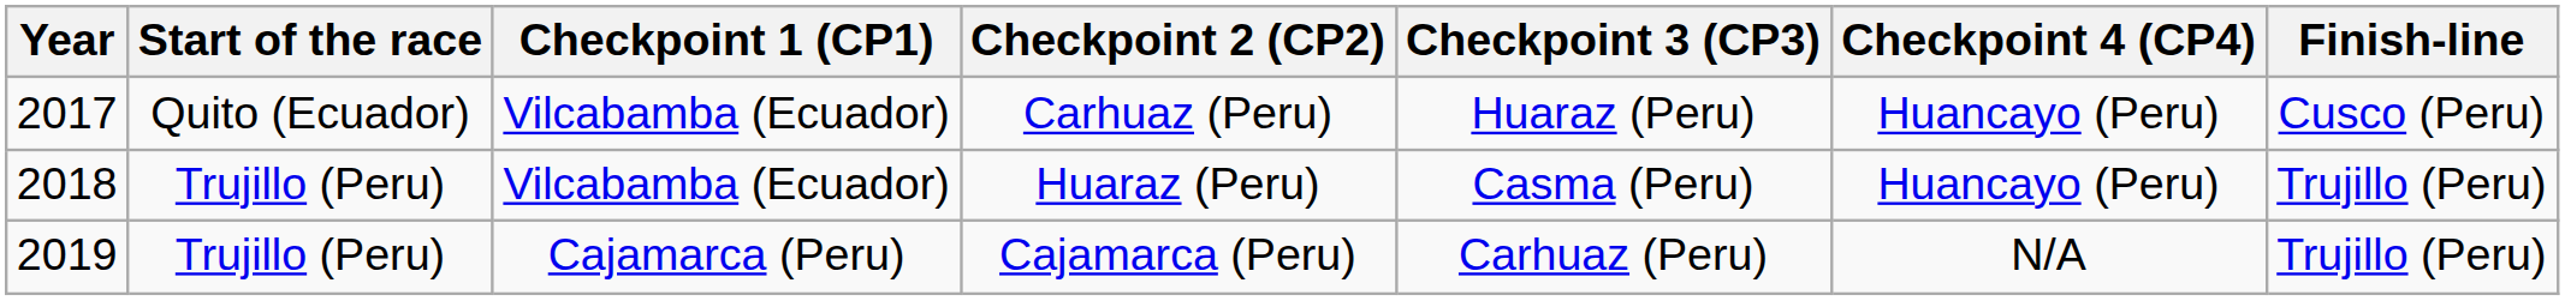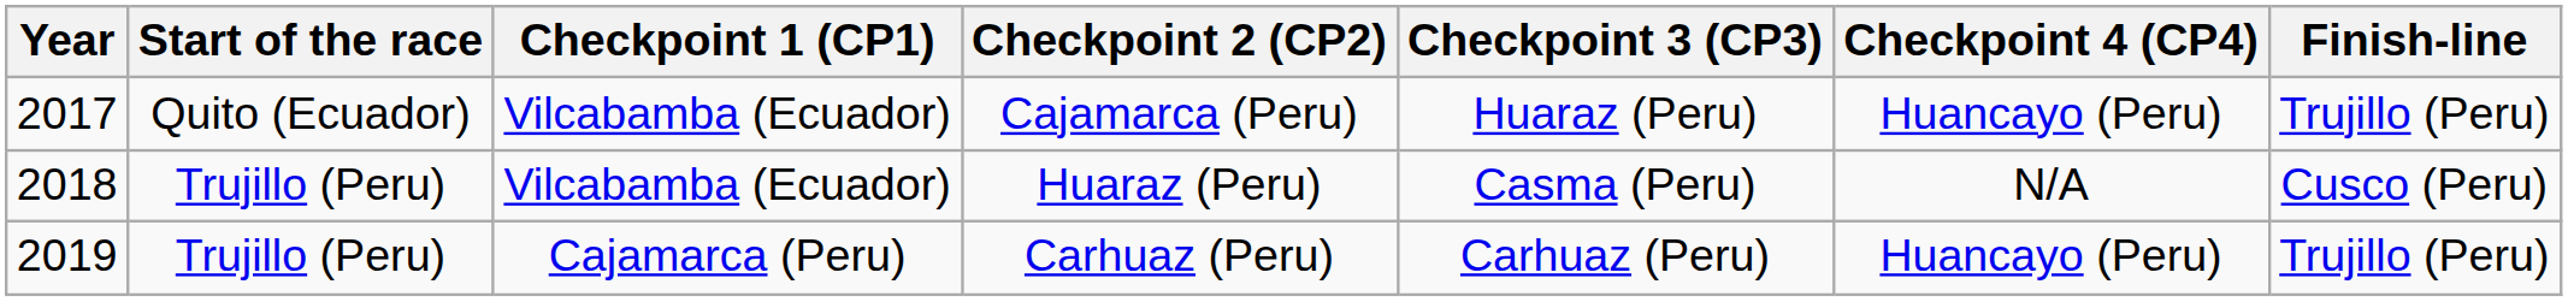 <table class="wikitable" style="text-align: center;">
 <tr>
 <th>Year</th>
 <th>Start of the race</th>
 <th>Checkpoint 1 (CP1)</th>
 <th>Checkpoint 2 (CP2)</th>
 <th>Checkpoint 3 (CP3)</th>
 <th>Checkpoint 4 (CP4)</th>
 <th>Finish-line</th>
 </tr>
 <tr>
 <td>2017</td>
 <td>Quito (Ecuador) </td>
 <td><a href='#'>Vilcabamba</a> (Ecuador) </td>
-<td><a href='#'>Carhuaz</a> (Peru) </td>
+<td><a href='#'>Cajamarca</a> (Peru) </td>
 <td><a href='#'>Huaraz</a> (Peru) </td>
 <td><a href='#'>Huancayo</a> (Peru) </td>
-<td><a href='#'>Cusco</a> (Peru) </td>
+<td><a href='#'>Trujillo</a> (Peru) </td>
 </tr>
 <tr>
 <td>2018</td>
 <td><a href='#'>Trujillo</a> (Peru) </td>
 <td><a href='#'>Vilcabamba</a> (Ecuador) </td>
 <td><a href='#'>Huaraz</a> (Peru) </td>
 <td><a href='#'>Casma</a> (Peru) </td>
-<td><a href='#'>Huancayo</a> (Peru) </td>
-<td><a href='#'>Trujillo</a> (Peru) </td>
+<td>N/A</td>
+<td><a href='#'>Cusco</a> (Peru) </td>
 </tr>
 <tr>
 <td>2019</td>
 <td><a href='#'>Trujillo</a> (Peru) </td>
 <td><a href='#'>Cajamarca</a> (Peru) </td>
-<td><a href='#'>Cajamarca</a> (Peru) </td>
 <td><a href='#'>Carhuaz</a> (Peru) </td>
-<td>N/A</td>
+<td><a href='#'>Carhuaz</a> (Peru) </td>
+<td><a href='#'>Huancayo</a> (Peru) </td>
 <td><a href='#'>Trujillo</a> (Peru) </td>
 </tr>
 </table>
